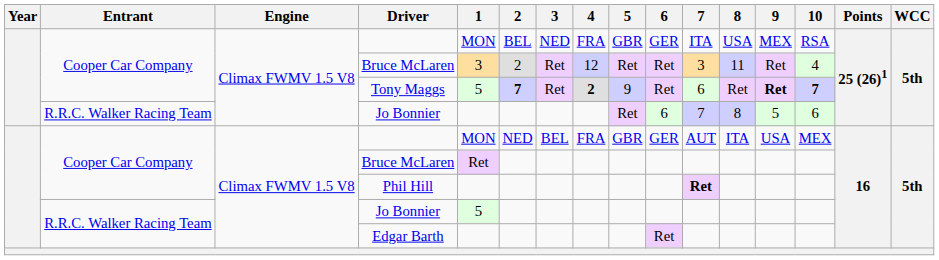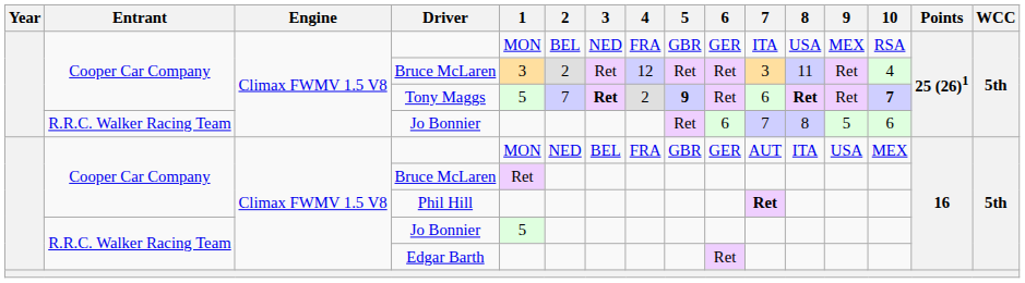 <table class="wikitable" style="text-align:center; font-size:95%">
 <tr>
 <th>Year</th>
 <th>Entrant</th>
 <th>Engine</th>
 <th>Driver</th>
 <th>1</th>
 <th>2</th>
 <th>3</th>
 <th>4</th>
 <th>5</th>
 <th>6</th>
 <th>7</th>
 <th>8</th>
 <th>9</th>
 <th>10</th>
 <th>Points</th>
 <th>WCC</th>
 </tr>
 <tr>
 <th rowspan=4></th>
 <td rowspan=3><a href='#'>Cooper Car Company</a></td>
 <td rowspan=4><a href='#'>Climax FWMV 1.5 V8</a></td>
 <td></td>
 <td><a href='#'>MON</a></td>
 <td><a href='#'>BEL</a></td>
 <td><a href='#'>NED</a></td>
 <td><a href='#'>FRA</a></td>
 <td><a href='#'>GBR</a></td>
 <td><a href='#'>GER</a></td>
 <td><a href='#'>ITA</a></td>
 <td><a href='#'>USA</a></td>
 <td><a href='#'>MEX</a></td>
 <td><a href='#'>RSA</a></td>
 <th rowspan=4>25 (26)<sup>1</sup></th>
 <th rowspan=4>5th</th>
 </tr>
 <tr>
 <td><a href='#'>Bruce McLaren</a></td>
 <td style="background:#ffdf9f;">3</td>
 <td style="background:#dfdfdf;">2</td>
 <td style="background:#efcfff;">Ret</td>
 <td style="background:#CFCFFF;">12</td>
 <td style="background:#efcfff;">Ret</td>
 <td style="background:#efcfff;">Ret</td>
 <td style="background:#ffdf9f;">3</td>
 <td style="background:#cfcfff;">11</td>
 <td style="background:#efcfff;">Ret</td>
 <td style="background:#dfffdf;">4</td>
 </tr>
 <tr>
 <td><a href='#'>Tony Maggs</a></td>
 <td style="background:#dfffdf;">5</td>
-<td style="background:#CFCFFF;"><strong>7</strong></td>
-<td style="background:#efcfff;">Ret</td>
-<td style="background:#dfdfdf;"><strong>2</strong></td>
-<td style="background:#CFCFFF;">9</td>
+<td style="background:#CFCFFF;">7</td>
+<td style="background:#efcfff;"><strong>Ret</strong></td>
+<td style="background:#dfdfdf;">2</td>
+<td style="background:#CFCFFF;"><strong>9</strong></td>
 <td style="background:#efcfff;">Ret</td>
 <td style="background:#dfffdf;">6</td>
+<td style="background:#efcfff;"><strong>Ret</strong></td>
 <td style="background:#efcfff;">Ret</td>
-<td style="background:#efcfff;"><strong>Ret</strong></td>
 <td style="background:#CFCFFF;"><strong>7</strong></td>
 </tr>
 <tr>
 <td><a href='#'>R.R.C. Walker Racing Team</a></td>
 <td><a href='#'>Jo Bonnier</a></td>
 <td></td>
 <td></td>
 <td></td>
 <td></td>
 <td style="background:#efcfff;">Ret</td>
 <td style="background:#dfffdf;">6</td>
 <td style="background:#CFCFFF;">7</td>
 <td style="background:#CFCFFF;">8</td>
 <td style="background:#dfffdf;">5</td>
 <td style="background:#dfffdf;">6</td>
 </tr>
 <tr>
 <th rowspan=5></th>
 <td rowspan=3><a href='#'>Cooper Car Company</a></td>
 <td rowspan=5><a href='#'>Climax FWMV 1.5 V8</a></td>
 <td></td>
 <td><a href='#'>MON</a></td>
 <td><a href='#'>NED</a></td>
 <td><a href='#'>BEL</a></td>
 <td><a href='#'>FRA</a></td>
 <td><a href='#'>GBR</a></td>
 <td><a href='#'>GER</a></td>
 <td><a href='#'>AUT</a></td>
 <td><a href='#'>ITA</a></td>
 <td><a href='#'>USA</a></td>
 <td><a href='#'>MEX</a></td>
 <th rowspan=5>16</th>
 <th rowspan=5>5th</th>
 </tr>
 <tr>
 <td><a href='#'>Bruce McLaren</a></td>
 <td style="background:#efcfff;">Ret</td>
 <td></td>
 <td></td>
 <td></td>
 <td></td>
 <td></td>
 <td></td>
 <td></td>
 <td></td>
 <td></td>
 </tr>
 <tr>
 <td><a href='#'>Phil Hill</a></td>
 <td></td>
 <td></td>
 <td></td>
 <td></td>
 <td></td>
 <td></td>
 <td style="background:#efcfff;"><strong>Ret</strong></td>
 <td></td>
 <td></td>
 <td></td>
 </tr>
 <tr>
 <td rowspan=2><a href='#'>R.R.C. Walker Racing Team</a></td>
 <td><a href='#'>Jo Bonnier</a></td>
 <td style="background:#dfffdf;">5</td>
 <td></td>
 <td></td>
 <td></td>
 <td></td>
 <td></td>
 <td></td>
 <td></td>
 <td></td>
 <td></td>
 </tr>
 <tr>
 <td><a href='#'>Edgar Barth</a></td>
 <td></td>
 <td></td>
 <td></td>
 <td></td>
 <td></td>
 <td style="background:#efcfff;">Ret</td>
 <td></td>
 <td></td>
 <td></td>
 <td></td>
 </tr>
 <tr>
 <th colspan=16></th>
 </tr>
 </table>
